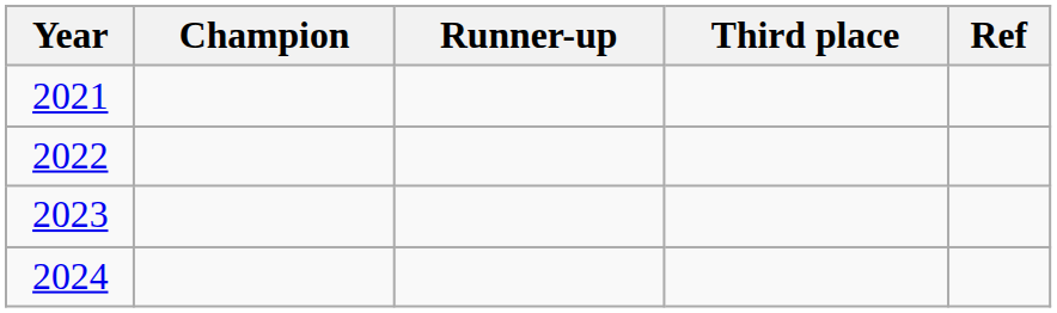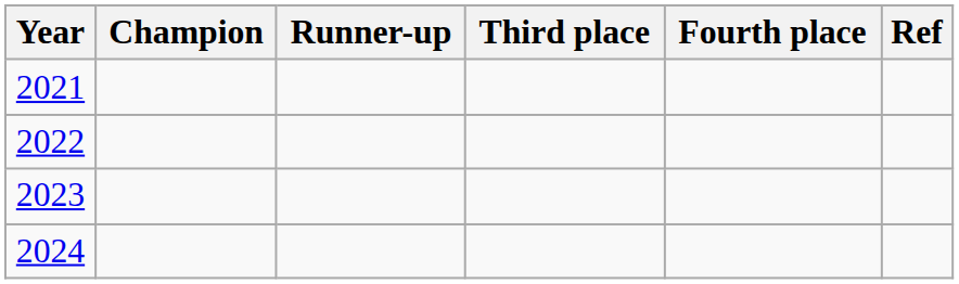 <table class="wikitable sortable" width=50%>
 <tr>
 <th>Year</th>
 <th>Champion</th>
 <th>Runner-up</th>
 <th>Third place</th>
+<th>Fourth place</th>
 <th class="unsortable">Ref</th>
 </tr>
 <tr align=center>
 <td><a href='#'>2021</a></td>
 <td><strong><a href='#'></a></strong></td>
+<td><a href='#'></a></td>
 <td><a href='#'></a></td>
 <td><a href='#'></a></td>
 <td></td>
 </tr>
 <tr align=center>
 <td><a href='#'>2022</a></td>
 <td><strong><a href='#'></a></strong></td>
 <td><a href='#'></a></td>
 <td><a href='#'></a></td>
+<td><a href='#'></a></td>
 <td></td>
 </tr>
 <tr align=center>
 <td><a href='#'>2023</a></td>
 <td><strong><a href='#'></a></strong></td>
+<td><a href='#'></a></td>
 <td><a href='#'></a></td>
 <td><a href='#'></a></td>
 <td></td>
 </tr>
 <tr align=center>
 <td><a href='#'>2024</a></td>
 <td><strong><a href='#'></a></strong></td>
 <td><a href='#'></a></td>
 <td><a href='#'></a></td>
+<td><a href='#'></a></td>
 <td></td>
 </tr>
 </table>
